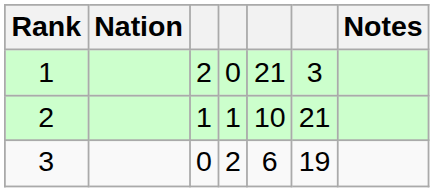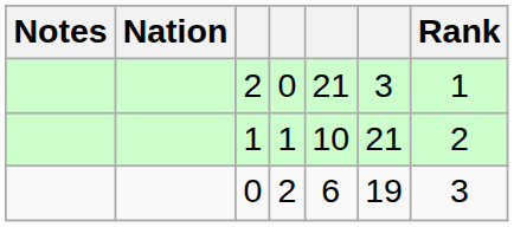 <table class="wikitable sortable" style="text-align: center;">
 <tr>
-<th>Rank</th>
+<th>Notes</th>
 <th>Nation</th>
 <th></th>
 <th></th>
 <th></th>
 <th></th>
-<th>Notes</th>
+<th>Rank</th>
 </tr>
 <tr style="background:#cfc;">
-<td>1</td>
+<td></td>
 <td align=left></td>
 <td>2</td>
 <td>0</td>
 <td>21</td>
 <td>3</td>
-<td></td>
+<td>1</td>
 </tr>
 <tr style="background:#cfc;">
-<td>2</td>
+<td></td>
 <td align=left></td>
 <td>1</td>
 <td>1</td>
 <td>10</td>
 <td>21</td>
-<td></td>
+<td>2</td>
 </tr>
 <tr>
-<td>3</td>
+<td></td>
 <td align=left></td>
 <td>0</td>
 <td>2</td>
 <td>6</td>
 <td>19</td>
-<td></td>
+<td>3</td>
 </tr>
 </table>
